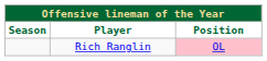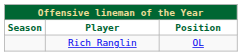 <table class="wikitable sortable" style="text-align:center">
 <tr>
 <td colspan="4" style="background:#063; color:	#ed9;"><strong>Offensive lineman of the Year</strong></td>
 </tr>
 <tr>
 <th style="width:50px; background:white; color:#063;">Season</th>
 <th style="width:150px; background:white; color:#063;">Player</th>
 <th style="width:100px; background:white; color:#063;">Position</th>
 </tr>
 <tr>
 <td></td>
 <td><a href='#'>Rich Ranglin</a></td>
-<td style="background: pink;"><a href='#'>OL</a></td>
+<td><a href='#'>OL</a></td>
 </tr>
 </table>
